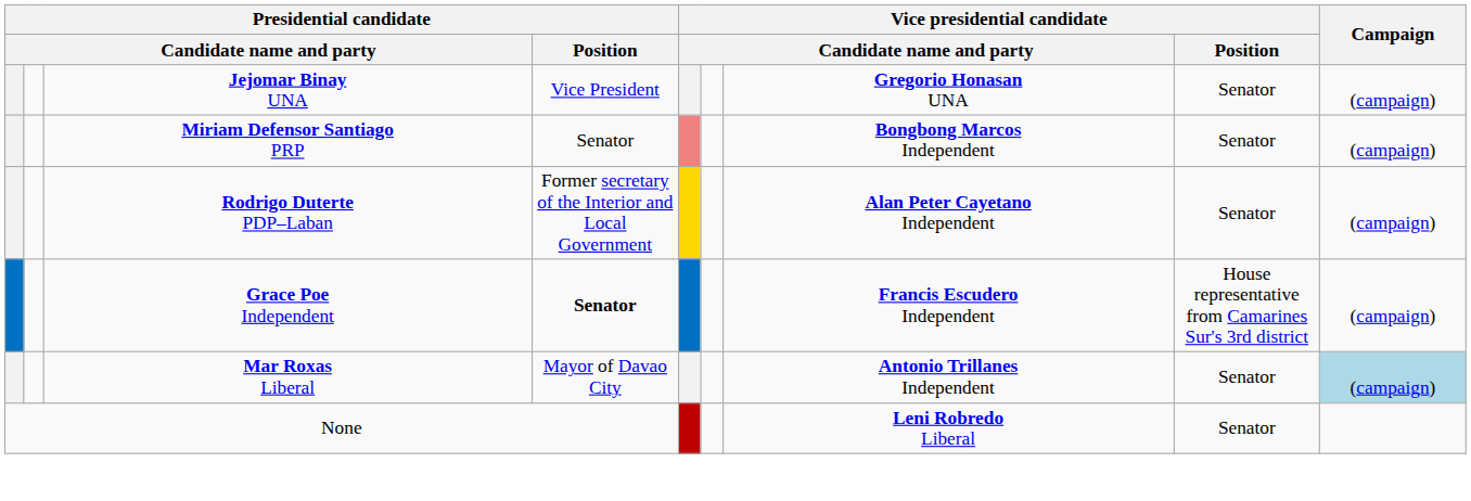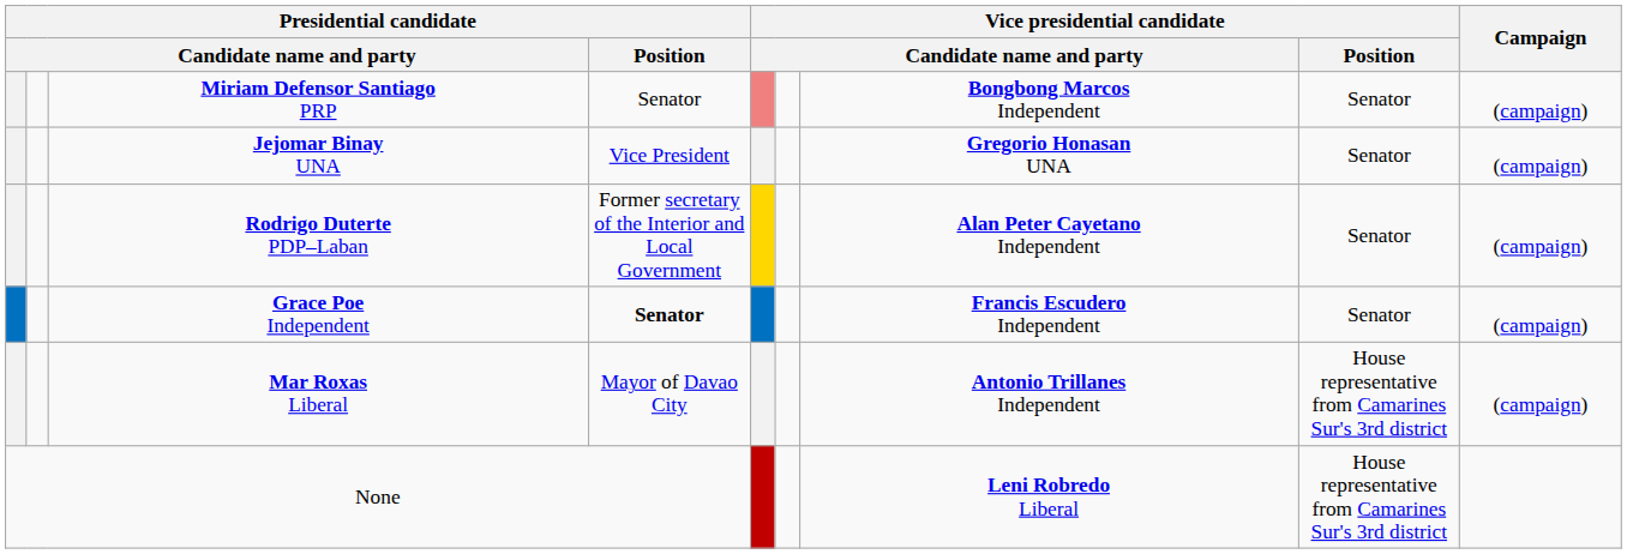 <table class="wikitable" style="text-align:center;font-size:100%;">
 <tr style="vertical-align:center;">
 <th colspan="4">Presidential candidate</th>
 <th colspan="4">Vice presidential candidate</th>
 <th rowspan="2" style="width:10%">Campaign</th>
 </tr>
 <tr>
 <th colspan="3">Candidate name and party</th>
 <th style="width:10%">Position</th>
 <th colspan="3">Candidate name and party</th>
 <th style="width:10%">Position</th>
 </tr>
 <tr>
 <th style="background:"></th>
 <td></td>
-<td><strong><a href='#'>Jejomar Binay</a></strong><br><a href='#'>UNA</a></td>
-<td><a href='#'>Vice President</a></td>
-<th style="background:"></th>
+<td><strong><a href='#'>Miriam Defensor Santiago</a></strong><br><a href='#'>PRP</a></td>
+<td>Senator</td>
+<th style="background:#F08080 "></th>
 <td></td>
-<td><strong><a href='#'>Gregorio Honasan</a></strong><br>UNA</td>
+<td><strong><a href='#'>Bongbong Marcos</a></strong><br>Independent</td>
 <td>Senator</td>
 <td><br>(<a href='#'>campaign</a>)</td>
 </tr>
 <tr>
 <th style="background:"></th>
 <td></td>
-<td><strong><a href='#'>Miriam Defensor Santiago</a></strong><br><a href='#'>PRP</a></td>
-<td>Senator</td>
-<th style="background:#F08080 "></th>
+<td><strong><a href='#'>Jejomar Binay</a></strong><br><a href='#'>UNA</a></td>
+<td><a href='#'>Vice President</a></td>
+<th style="background:"></th>
 <td></td>
-<td><strong><a href='#'>Bongbong Marcos</a></strong><br>Independent</td>
+<td><strong><a href='#'>Gregorio Honasan</a></strong><br>UNA</td>
 <td>Senator</td>
 <td><br>(<a href='#'>campaign</a>)</td>
 </tr>
 <tr>
 <th style="background:"></th>
 <td></td>
 <td><strong><a href='#'>Rodrigo Duterte</a></strong><br><a href='#'>PDP–Laban</a></td>
 <td>Former <a href='#'>secretary of the Interior and Local Government</a></td>
 <th style="background:#ffd700"></th>
 <td></td>
 <td><strong><a href='#'>Alan Peter Cayetano</a></strong><br>Independent</td>
 <td>Senator</td>
 <td><br>(<a href='#'>campaign</a>)</td>
 </tr>
 <tr>
 <th style="background:#0070C0"></th>
 <td></td>
 <td><strong><a href='#'>Grace Poe</a></strong><br><a href='#'>Independent</a></td>
 <td><strong>Senator</strong></td>
 <th style="background:#0070C0"></th>
 <td></td>
 <td><strong><a href='#'>Francis Escudero</a></strong><br>Independent</td>
-<td>House representative from <a href='#'>Camarines Sur's 3rd district</a></td>
+<td>Senator</td>
 <td><br>(<a href='#'>campaign</a>)</td>
 </tr>
 <tr>
 <th style="background:"></th>
 <td></td>
 <td><strong><a href='#'>Mar Roxas</a></strong><br><a href='#'>Liberal</a></td>
 <td><a href='#'>Mayor</a> of <a href='#'>Davao City</a></td>
 <th style="background:"></th>
 <td></td>
 <td><strong><a href='#'>Antonio Trillanes</a></strong><br>Independent</td>
-<td>Senator</td>
-<td style="background: lightblue;"><br>(<a href='#'>campaign</a>)</td>
+<td>House representative from <a href='#'>Camarines Sur's 3rd district</a></td>
+<td><br>(<a href='#'>campaign</a>)</td>
 </tr>
 <tr>
 <td colspan="4">None</td>
 <th style="background:#C00000"></th>
 <td></td>
 <td><strong><a href='#'>Leni Robredo</a></strong><br><a href='#'>Liberal</a></td>
-<td>Senator</td>
+<td>House representative from <a href='#'>Camarines Sur's 3rd district</a></td>
 <td></td>
 </tr>
 </table>
